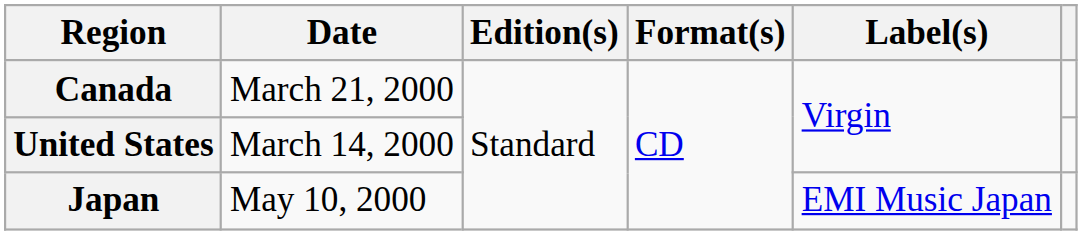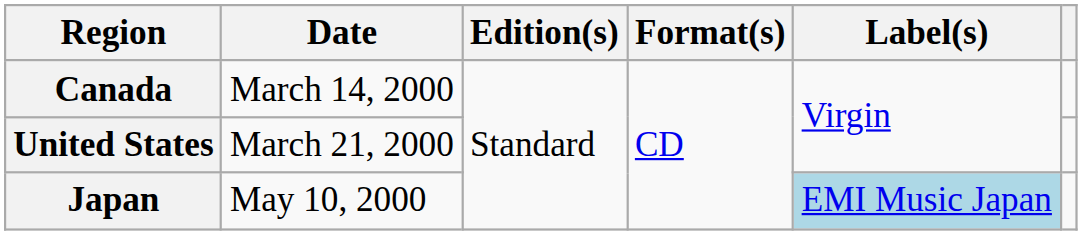 <table class="wikitable sortable plainrowheaders">
 <tr>
 <th scope="col">Region</th>
 <th scope="col">Date</th>
 <th scope="col">Edition(s)</th>
 <th scope="col">Format(s)</th>
 <th scope="col">Label(s)</th>
 <th scope="col"></th>
 </tr>
 <tr>
 <th scope="row">Canada</th>
-<td>March 21, 2000</td>
+<td>March 14, 2000</td>
 <td rowspan="3">Standard</td>
 <td rowspan="3"><a href='#'>CD</a></td>
 <td rowspan="2"><a href='#'>Virgin</a></td>
 <td align="center"></td>
 </tr>
 <tr>
 <th scope="row">United States</th>
-<td>March 14, 2000</td>
+<td>March 21, 2000</td>
 <td align="center"></td>
 </tr>
 <tr>
 <th scope="row">Japan</th>
 <td>May 10, 2000</td>
-<td><a href='#'>EMI Music Japan</a></td>
+<td style="background: lightblue;"><a href='#'>EMI Music Japan</a></td>
 <td align="center"></td>
 </tr>
 </table>
